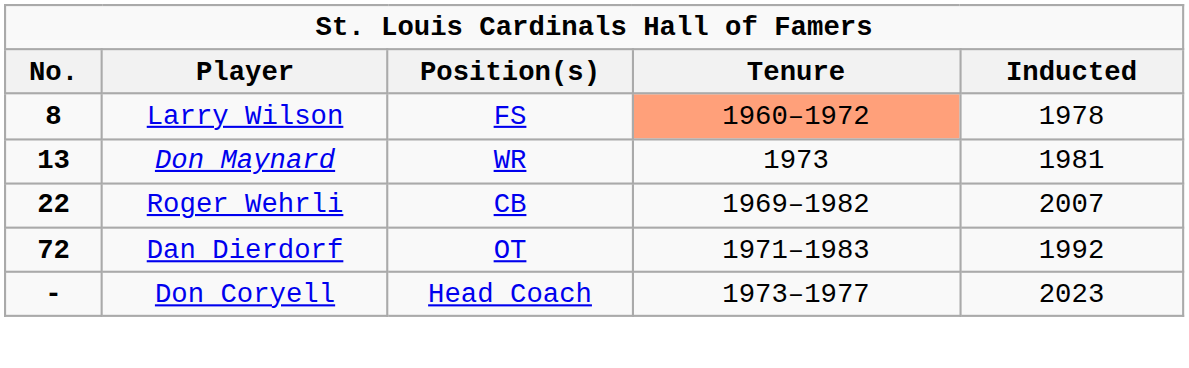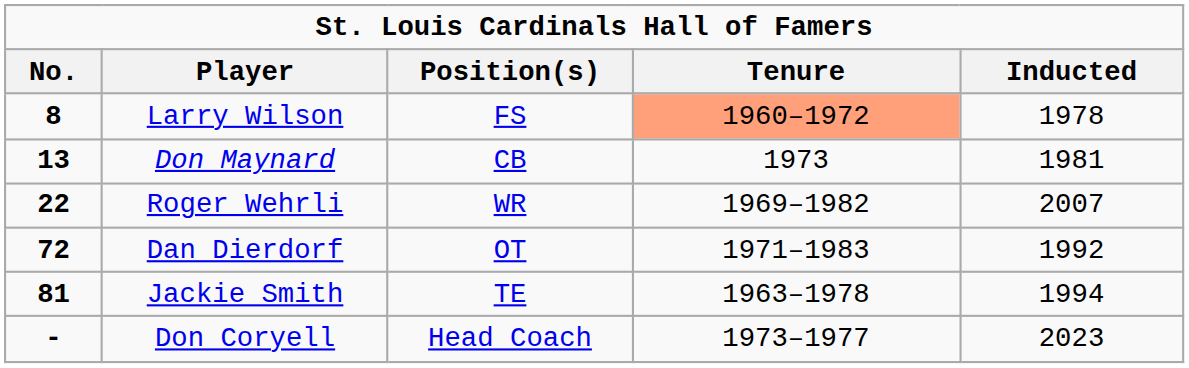 <table class="wikitable" style="text-align:center">
 <tr>
 <td colspan="5"><strong>St. Louis Cardinals Hall of Famers</strong></td>
 </tr>
 <tr>
 <th style="width:40px;">No.</th>
 <th style="width:130px;">Player</th>
 <th style="width:110px;">Position(s)</th>
 <th style="width:150px;">Tenure</th>
 <th style="width:100px;">Inducted</th>
 </tr>
 <tr>
 <td><strong>8</strong></td>
 <td><a href='#'>Larry Wilson</a></td>
 <td><a href='#'>FS</a></td>
 <td style="background: lightsalmon;">1960–1972</td>
 <td>1978</td>
 </tr>
 <tr>
 <td><strong>13</strong></td>
 <td><em><a href='#'>Don Maynard</a></em></td>
-<td><a href='#'>WR</a></td>
+<td><a href='#'>CB</a></td>
 <td>1973</td>
 <td>1981</td>
 </tr>
 <tr>
 <td><strong>22</strong></td>
 <td><a href='#'>Roger Wehrli</a></td>
-<td><a href='#'>CB</a></td>
+<td><a href='#'>WR</a></td>
 <td>1969–1982</td>
 <td>2007</td>
 </tr>
 <tr>
 <td><strong>72</strong></td>
 <td><a href='#'>Dan Dierdorf</a></td>
 <td><a href='#'>OT</a></td>
 <td>1971–1983</td>
 <td>1992</td>
 </tr>
 <tr>
+<td><strong>81</strong></td>
+<td><a href='#'>Jackie Smith</a></td>
+<td><a href='#'>TE</a></td>
+<td>1963–1978</td>
+<td>1994</td>
+</tr>
+<tr>
 <td><strong>-</strong></td>
 <td><a href='#'>Don Coryell</a></td>
 <td><a href='#'>Head Coach</a></td>
 <td>1973–1977</td>
 <td>2023</td>
 </tr>
 </table>
